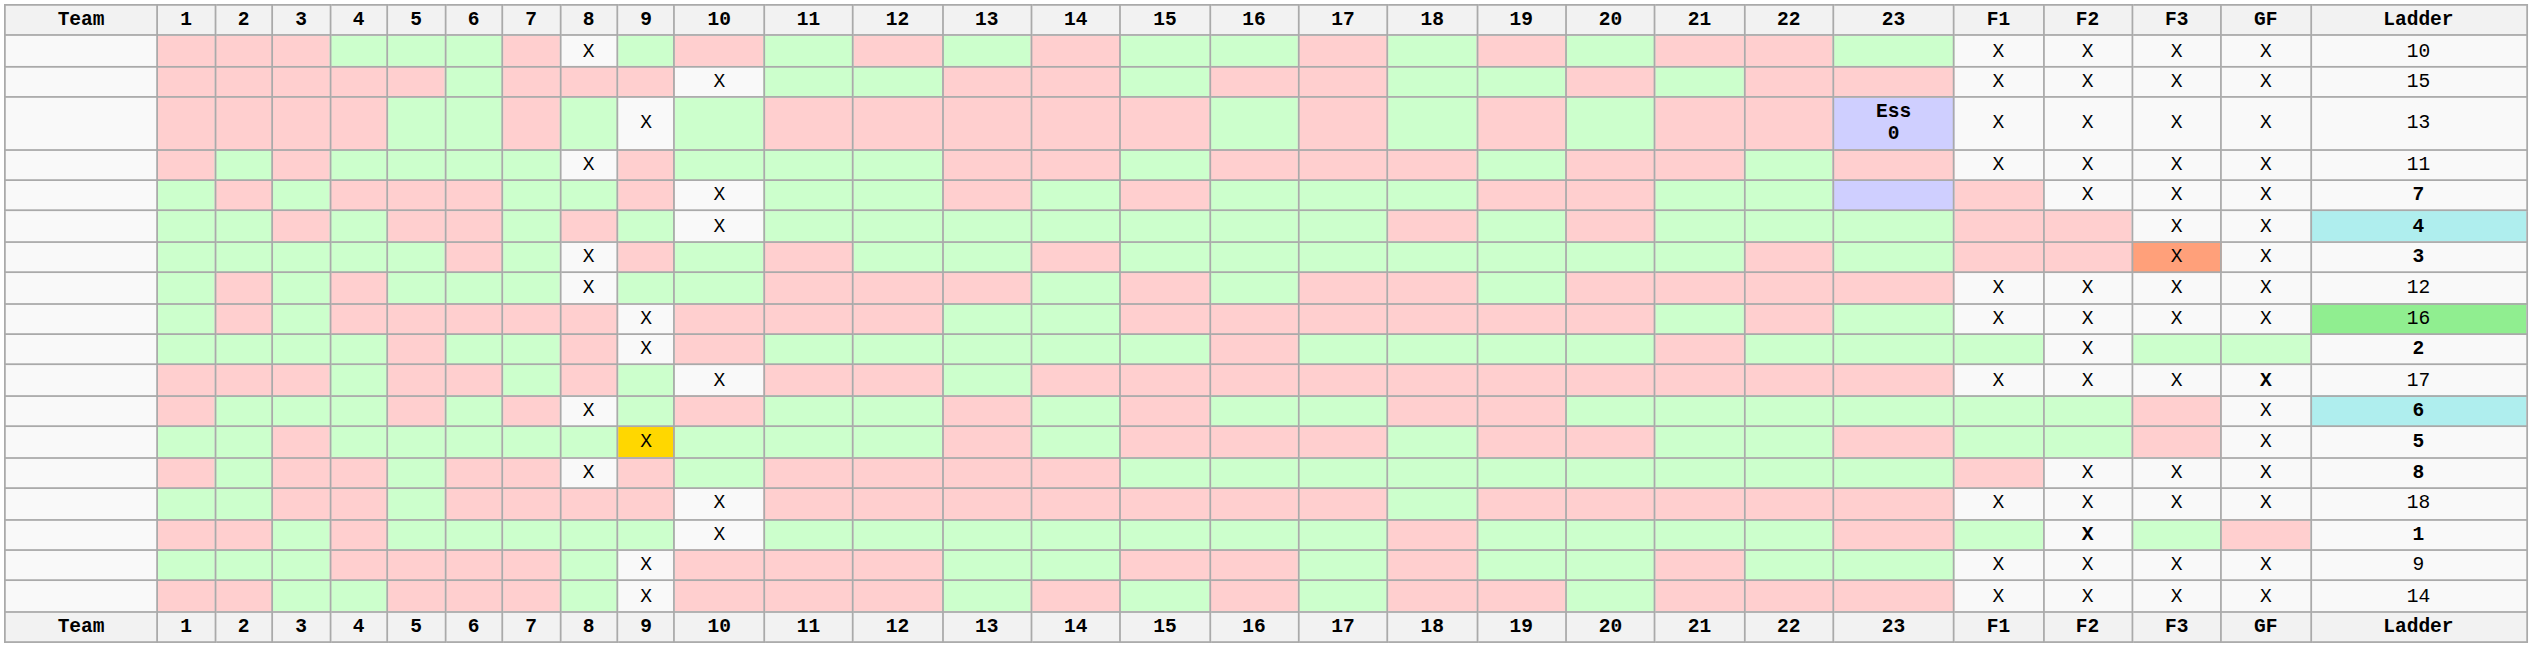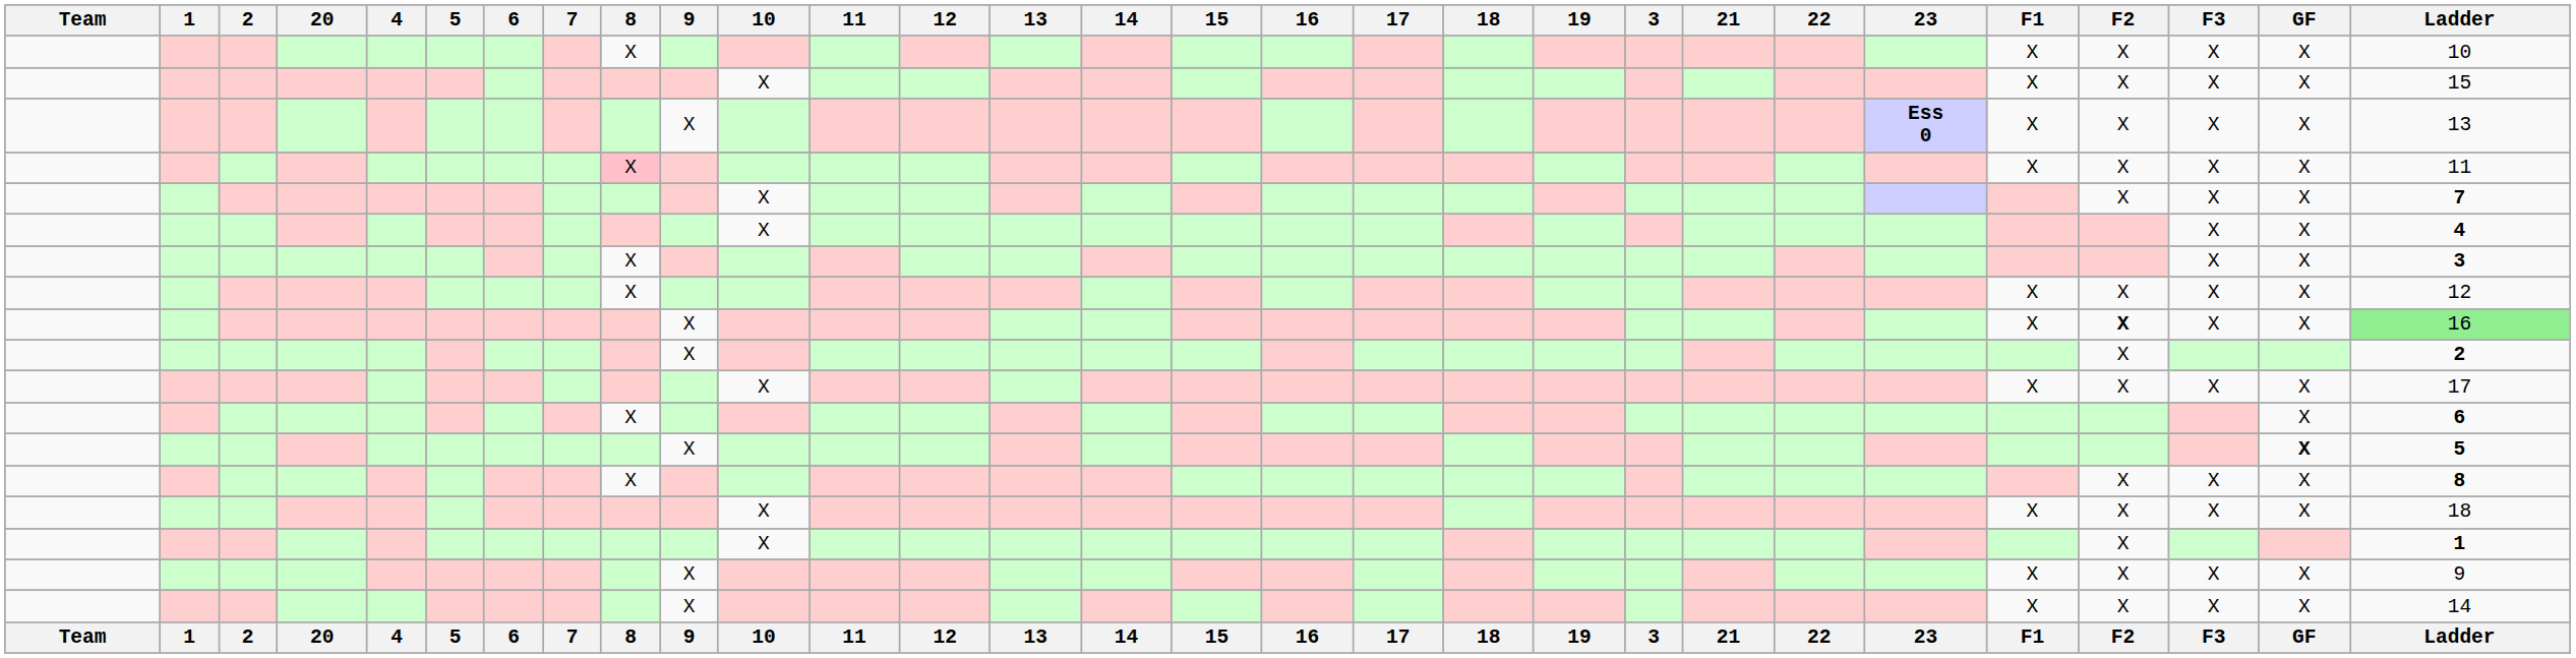 <table class="wikitable sortable" style="font-size:85%; text-align:center; width:90%">
 <tr valign="top">
 <th valign="middle">Team</th>
 <th>1</th>
 <th>2</th>
-<th>3</th>
+<th>20</th>
 <th>4</th>
 <th>5</th>
 <th>6</th>
 <th>7</th>
 <th>8</th>
 <th>9</th>
 <th>10</th>
 <th>11</th>
 <th>12</th>
 <th>13</th>
 <th>14</th>
 <th>15</th>
 <th>16</th>
 <th>17</th>
 <th>18</th>
 <th>19</th>
-<th>20</th>
+<th>3</th>
 <th>21</th>
 <th>22</th>
 <th>23</th>
 <th>F1</th>
 <th>F2</th>
 <th>F3</th>
 <th>GF</th>
 <th valign="middle">Ladder</th>
 </tr>
 <tr>
 <td align="left"></td>
 <td style="background:#FFCFCF;"></td>
 <td style="background:#FFCFCF;"></td>
-<td style="background:#FFCFCF;"></td>
+<td style="background:#cfc;"></td>
 <td style="background:#cfc;"></td>
 <td style="background:#cfc;"></td>
 <td style="background:#cfc;"></td>
 <td style="background:#FFCFCF;"></td>
 <td>X</td>
 <td style="background:#cfc;"></td>
 <td style="background:#FFCFCF;"></td>
 <td style="background:#cfc;"></td>
 <td style="background:#FFCFCF;"></td>
 <td style="background:#cfc;"></td>
 <td style="background:#FFCFCF;"></td>
 <td style="background:#cfc;"></td>
 <td style="background:#cfc;"></td>
 <td style="background:#FFCFCF;"></td>
 <td style="background:#cfc;"></td>
 <td style="background:#FFCFCF;"></td>
-<td style="background:#cfc;"></td>
+<td style="background:#FFCFCF;"></td>
 <td style="background:#FFCFCF;"></td>
 <td style="background:#FFCFCF;"></td>
 <td style="background:#cfc;"></td>
 <td>X</td>
 <td>X</td>
 <td>X</td>
 <td>X</td>
 <td style="text-align:center;">10</td>
 </tr>
 <tr>
 <td align="left"></td>
 <td style="background:#FFCFCF;"></td>
 <td style="background:#FFCFCF;"></td>
 <td style="background:#FFCFCF;"></td>
 <td style="background:#FFCFCF;"></td>
 <td style="background:#FFCFCF;"></td>
 <td style="background:#cfc;"></td>
 <td style="background:#FFCFCF;"></td>
 <td style="background:#FFCFCF;"></td>
 <td style="background:#FFCFCF;"></td>
 <td>X</td>
 <td style="background:#cfc;"></td>
 <td style="background:#cfc;"></td>
 <td style="background:#FFCFCF;"></td>
 <td style="background:#FFCFCF;"></td>
 <td style="background:#cfc;"></td>
 <td style="background:#FFCFCF;"></td>
 <td style="background:#FFCFCF;"></td>
 <td style="background:#cfc;"></td>
 <td style="background:#cfc;"></td>
 <td style="background:#FFCFCF;"></td>
 <td style="background:#cfc;"></td>
 <td style="background:#FFCFCF;"></td>
 <td style="background:#FFCFCF;"></td>
 <td>X</td>
 <td>X</td>
 <td>X</td>
 <td>X</td>
 <td style="text-align:center;">15</td>
 </tr>
 <tr>
 <td align="left"></td>
 <td style="background:#FFCFCF;"></td>
 <td style="background:#FFCFCF;"></td>
-<td style="background:#FFCFCF;"></td>
+<td style="background:#cfc;"></td>
 <td style="background:#FFCFCF;"></td>
 <td style="background:#cfc;"></td>
 <td style="background:#cfc;"></td>
 <td style="background:#FFCFCF;"></td>
 <td style="background:#cfc;"></td>
 <td>X</td>
 <td style="background:#cfc;"></td>
 <td style="background:#FFCFCF;"></td>
 <td style="background:#FFCFCF;"></td>
 <td style="background:#FFCFCF;"></td>
 <td style="background:#FFCFCF;"></td>
 <td style="background:#FFCFCF;"></td>
 <td style="background:#cfc;"></td>
 <td style="background:#FFCFCF;"></td>
 <td style="background:#cfc;"></td>
 <td style="background:#FFCFCF;"></td>
-<td style="background:#cfc;"></td>
+<td style="background:#FFCFCF;"></td>
 <td style="background:#FFCFCF;"></td>
 <td style="background:#FFCFCF;"></td>
 <td style="background:#CFCFFF;"><strong>Ess</strong><br><strong>0</strong></td>
 <td>X</td>
 <td>X</td>
 <td>X</td>
 <td>X</td>
 <td style="text-align:center;">13</td>
 </tr>
 <tr>
 <td align="left"></td>
 <td style="background:#FFCFCF;"></td>
 <td style="background:#cfc;"></td>
 <td style="background:#FFCFCF;"></td>
 <td style="background:#cfc;"></td>
 <td style="background:#cfc;"></td>
 <td style="background:#cfc;"></td>
 <td style="background:#cfc;"></td>
-<td>X</td>
+<td style="background: pink;">X</td>
 <td style="background:#FFCFCF;"></td>
 <td style="background:#cfc;"></td>
 <td style="background:#cfc;"></td>
 <td style="background:#cfc;"></td>
 <td style="background:#FFCFCF;"></td>
 <td style="background:#FFCFCF;"></td>
 <td style="background:#cfc;"></td>
 <td style="background:#FFCFCF;"></td>
 <td style="background:#FFCFCF;"></td>
 <td style="background:#FFCFCF;"></td>
 <td style="background:#cfc;"></td>
 <td style="background:#FFCFCF;"></td>
 <td style="background:#FFCFCF;"></td>
 <td style="background:#cfc;"></td>
 <td style="background:#FFCFCF;"></td>
 <td>X</td>
 <td>X</td>
 <td>X</td>
 <td>X</td>
 <td style="text-align:center;">11</td>
 </tr>
 <tr>
 <td align="left"></td>
 <td style="background:#cfc;"></td>
 <td style="background:#FFCFCF;"></td>
-<td style="background:#cfc;"></td>
+<td style="background:#FFCFCF;"></td>
 <td style="background:#FFCFCF;"></td>
 <td style="background:#FFCFCF;"></td>
 <td style="background:#FFCFCF;"></td>
 <td style="background:#cfc;"></td>
 <td style="background:#cfc;"></td>
 <td style="background:#FFCFCF;"></td>
 <td>X</td>
 <td style="background:#cfc;"></td>
 <td style="background:#cfc;"></td>
 <td style="background:#FFCFCF;"></td>
 <td style="background:#cfc;"></td>
 <td style="background:#FFCFCF;"></td>
 <td style="background:#cfc;"></td>
 <td style="background:#cfc;"></td>
 <td style="background:#cfc;"></td>
 <td style="background:#FFCFCF;"></td>
-<td style="background:#FFCFCF;"></td>
+<td style="background:#cfc;"></td>
 <td style="background:#cfc;"></td>
 <td style="background:#cfc;"></td>
 <td style="background:#CFCFFF;"></td>
 <td style="background:#FFCFCF;"></td>
 <td>X</td>
 <td>X</td>
 <td>X</td>
 <td style="text-align:center;"><strong>7</strong></td>
 </tr>
 <tr>
 <td align="left"></td>
 <td style="background:#cfc;"></td>
 <td style="background:#cfc;"></td>
 <td style="background:#FFCFCF;"></td>
 <td style="background:#cfc;"></td>
 <td style="background:#FFCFCF;"></td>
 <td style="background:#FFCFCF;"></td>
 <td style="background:#cfc;"></td>
 <td style="background:#FFCFCF;"></td>
 <td style="background:#cfc;"></td>
 <td>X</td>
 <td style="background:#cfc;"></td>
 <td style="background:#cfc;"></td>
 <td style="background:#cfc;"></td>
 <td style="background:#cfc;"></td>
 <td style="background:#cfc;"></td>
 <td style="background:#cfc;"></td>
 <td style="background:#cfc;"></td>
 <td style="background:#FFCFCF;"></td>
 <td style="background:#cfc;"></td>
 <td style="background:#FFCFCF;"></td>
 <td style="background:#cfc;"></td>
 <td style="background:#cfc;"></td>
 <td style="background:#cfc;"></td>
 <td style="background:#FFCFCF;"></td>
 <td style="background:#FFCFCF;"></td>
 <td>X</td>
 <td>X</td>
-<td style="background: paleturquoise; text-align:center;"><strong>4</strong></td>
+<td style="text-align:center;"><strong>4</strong></td>
 </tr>
 <tr>
 <td align="left"></td>
 <td style="background:#cfc;"></td>
 <td style="background:#cfc;"></td>
 <td style="background:#cfc;"></td>
 <td style="background:#cfc;"></td>
 <td style="background:#cfc;"></td>
 <td style="background:#FFCFCF;"></td>
 <td style="background:#cfc;"></td>
 <td>X</td>
 <td style="background:#FFCFCF;"></td>
 <td style="background:#cfc;"></td>
 <td style="background:#FFCFCF;"></td>
 <td style="background:#cfc;"></td>
 <td style="background:#cfc;"></td>
 <td style="background:#FFCFCF;"></td>
 <td style="background:#cfc;"></td>
 <td style="background:#cfc;"></td>
 <td style="background:#cfc;"></td>
 <td style="background:#cfc;"></td>
 <td style="background:#cfc;"></td>
 <td style="background:#cfc;"></td>
 <td style="background:#cfc;"></td>
 <td style="background:#FFCFCF;"></td>
 <td style="background:#cfc;"></td>
 <td style="background:#FFCFCF;"></td>
 <td style="background:#FFCFCF;"></td>
-<td style="background: lightsalmon;">X</td>
+<td>X</td>
 <td>X</td>
 <td style="text-align:center;"><strong>3</strong></td>
 </tr>
 <tr>
 <td align="left"></td>
 <td style="background:#cfc;"></td>
 <td style="background:#FFCFCF;"></td>
-<td style="background:#cfc;"></td>
+<td style="background:#FFCFCF;"></td>
 <td style="background:#FFCFCF;"></td>
 <td style="background:#cfc;"></td>
 <td style="background:#cfc;"></td>
 <td style="background:#cfc;"></td>
 <td>X</td>
 <td style="background:#cfc;"></td>
 <td style="background:#cfc;"></td>
 <td style="background:#FFCFCF;"></td>
 <td style="background:#FFCFCF;"></td>
 <td style="background:#FFCFCF;"></td>
 <td style="background:#cfc;"></td>
 <td style="background:#FFCFCF;"></td>
 <td style="background:#cfc;"></td>
 <td style="background:#FFCFCF;"></td>
 <td style="background:#FFCFCF;"></td>
 <td style="background:#cfc;"></td>
-<td style="background:#FFCFCF;"></td>
+<td style="background:#cfc;"></td>
 <td style="background:#FFCFCF;"></td>
 <td style="background:#FFCFCF;"></td>
 <td style="background:#FFCFCF;"></td>
 <td>X</td>
 <td>X</td>
 <td>X</td>
 <td>X</td>
 <td style="text-align:center;">12</td>
 </tr>
 <tr>
 <td align="left"></td>
 <td style="background:#cfc;"></td>
 <td style="background:#FFCFCF;"></td>
-<td style="background:#cfc;"></td>
+<td style="background:#FFCFCF;"></td>
 <td style="background:#FFCFCF;"></td>
 <td style="background:#FFCFCF;"></td>
 <td style="background:#FFCFCF;"></td>
 <td style="background:#FFCFCF;"></td>
 <td style="background:#FFCFCF;"></td>
 <td>X</td>
 <td style="background:#FFCFCF;"></td>
 <td style="background:#FFCFCF;"></td>
 <td style="background:#FFCFCF;"></td>
 <td style="background:#cfc;"></td>
 <td style="background:#cfc;"></td>
 <td style="background:#FFCFCF;"></td>
 <td style="background:#FFCFCF;"></td>
 <td style="background:#FFCFCF;"></td>
 <td style="background:#FFCFCF;"></td>
 <td style="background:#FFCFCF;"></td>
-<td style="background:#FFCFCF;"></td>
+<td style="background:#cfc;"></td>
 <td style="background:#cfc;"></td>
 <td style="background:#FFCFCF;"></td>
 <td style="background:#cfc;"></td>
 <td>X</td>
-<td>X</td>
+<td><strong>X</strong></td>
 <td>X</td>
 <td>X</td>
 <td style="background: lightgreen; text-align:center;">16</td>
 </tr>
 <tr>
 <td align="left"></td>
 <td style="background:#cfc;"></td>
 <td style="background:#cfc;"></td>
 <td style="background:#cfc;"></td>
 <td style="background:#cfc;"></td>
 <td style="background:#FFCFCF;"></td>
 <td style="background:#cfc;"></td>
 <td style="background:#cfc;"></td>
 <td style="background:#FFCFCF;"></td>
 <td>X</td>
 <td style="background:#FFCFCF;"></td>
 <td style="background:#cfc;"></td>
 <td style="background:#cfc;"></td>
 <td style="background:#cfc;"></td>
 <td style="background:#cfc;"></td>
 <td style="background:#cfc;"></td>
 <td style="background:#FFCFCF;"></td>
 <td style="background:#cfc;"></td>
 <td style="background:#cfc;"></td>
 <td style="background:#cfc;"></td>
 <td style="background:#cfc;"></td>
 <td style="background:#FFCFCF;"></td>
 <td style="background:#cfc;"></td>
 <td style="background:#cfc;"></td>
 <td style="background:#cfc;"></td>
 <td>X</td>
 <td style="background:#cfc;"></td>
 <td style="background:#cfc;"></td>
 <td style="text-align:center;"><strong>2</strong></td>
 </tr>
 <tr>
 <td align="left"></td>
 <td style="background:#FFCFCF;"></td>
 <td style="background:#FFCFCF;"></td>
 <td style="background:#FFCFCF;"></td>
 <td style="background:#cfc;"></td>
 <td style="background:#FFCFCF;"></td>
 <td style="background:#FFCFCF;"></td>
 <td style="background:#cfc;"></td>
 <td style="background:#FFCFCF;"></td>
 <td style="background:#cfc;"></td>
 <td>X</td>
 <td style="background:#FFCFCF;"></td>
 <td style="background:#FFCFCF;"></td>
 <td style="background:#cfc;"></td>
 <td style="background:#FFCFCF;"></td>
 <td style="background:#FFCFCF;"></td>
 <td style="background:#FFCFCF;"></td>
 <td style="background:#FFCFCF;"></td>
 <td style="background:#FFCFCF;"></td>
 <td style="background:#FFCFCF;"></td>
 <td style="background:#FFCFCF;"></td>
 <td style="background:#FFCFCF;"></td>
 <td style="background:#FFCFCF;"></td>
 <td style="background:#FFCFCF;"></td>
 <td>X</td>
 <td>X</td>
 <td>X</td>
-<td><strong>X</strong></td>
+<td>X</td>
 <td style="text-align:center;">17</td>
 </tr>
 <tr>
 <td align="left"></td>
 <td style="background:#FFCFCF;"></td>
 <td style="background:#cfc;"></td>
 <td style="background:#cfc;"></td>
 <td style="background:#cfc;"></td>
 <td style="background:#FFCFCF;"></td>
 <td style="background:#cfc;"></td>
 <td style="background:#FFCFCF;"></td>
 <td>X</td>
 <td style="background:#cfc;"></td>
 <td style="background:#FFCFCF;"></td>
 <td style="background:#cfc;"></td>
 <td style="background:#cfc;"></td>
 <td style="background:#FFCFCF;"></td>
 <td style="background:#cfc;"></td>
 <td style="background:#FFCFCF;"></td>
 <td style="background:#cfc;"></td>
 <td style="background:#cfc;"></td>
 <td style="background:#FFCFCF;"></td>
 <td style="background:#FFCFCF;"></td>
 <td style="background:#cfc;"></td>
 <td style="background:#cfc;"></td>
 <td style="background:#cfc;"></td>
 <td style="background:#cfc;"></td>
 <td style="background:#cfc;"></td>
 <td style="background:#cfc;"></td>
 <td style="background:#FFCFCF;"></td>
 <td>X</td>
-<td style="background: paleturquoise; text-align:center;"><strong>6</strong></td>
+<td style="text-align:center;"><strong>6</strong></td>
 </tr>
 <tr>
 <td align="left"></td>
 <td style="background:#cfc;"></td>
 <td style="background:#cfc;"></td>
 <td style="background:#FFCFCF;"></td>
 <td style="background:#cfc;"></td>
 <td style="background:#cfc;"></td>
 <td style="background:#cfc;"></td>
 <td style="background:#cfc;"></td>
 <td style="background:#cfc;"></td>
-<td style="background: gold;">X</td>
+<td>X</td>
 <td style="background:#cfc;"></td>
 <td style="background:#cfc;"></td>
 <td style="background:#cfc;"></td>
 <td style="background:#FFCFCF;"></td>
 <td style="background:#cfc;"></td>
 <td style="background:#FFCFCF;"></td>
 <td style="background:#FFCFCF;"></td>
 <td style="background:#FFCFCF;"></td>
 <td style="background:#cfc;"></td>
 <td style="background:#FFCFCF;"></td>
 <td style="background:#FFCFCF;"></td>
 <td style="background:#cfc;"></td>
 <td style="background:#cfc;"></td>
 <td style="background:#FFCFCF;"></td>
 <td style="background:#cfc;"></td>
 <td style="background:#cfc;"></td>
 <td style="background:#FFCFCF;"></td>
-<td>X</td>
+<td><strong>X</strong></td>
 <td style="text-align:center;"><strong>5</strong></td>
 </tr>
 <tr>
 <td align="left"></td>
 <td style="background:#FFCFCF;"></td>
 <td style="background:#cfc;"></td>
-<td style="background:#FFCFCF;"></td>
+<td style="background:#cfc;"></td>
 <td style="background:#FFCFCF;"></td>
 <td style="background:#cfc;"></td>
 <td style="background:#FFCFCF;"></td>
 <td style="background:#FFCFCF;"></td>
 <td>X</td>
 <td style="background:#FFCFCF;"></td>
 <td style="background:#cfc;"></td>
 <td style="background:#FFCFCF;"></td>
 <td style="background:#FFCFCF;"></td>
 <td style="background:#FFCFCF;"></td>
 <td style="background:#FFCFCF;"></td>
 <td style="background:#cfc;"></td>
 <td style="background:#cfc;"></td>
 <td style="background:#cfc;"></td>
 <td style="background:#cfc;"></td>
 <td style="background:#cfc;"></td>
-<td style="background:#cfc;"></td>
+<td style="background:#FFCFCF;"></td>
 <td style="background:#cfc;"></td>
 <td style="background:#cfc;"></td>
 <td style="background:#cfc;"></td>
 <td style="background:#FFCFCF;"></td>
 <td>X</td>
 <td>X</td>
 <td>X</td>
 <td style="text-align:center;"><strong>8</strong></td>
 </tr>
 <tr>
 <td align="left"></td>
 <td style="background:#cfc;"></td>
 <td style="background:#cfc;"></td>
 <td style="background:#FFCFCF;"></td>
 <td style="background:#FFCFCF;"></td>
 <td style="background:#cfc;"></td>
 <td style="background:#FFCFCF;"></td>
 <td style="background:#FFCFCF;"></td>
 <td style="background:#FFCFCF;"></td>
 <td style="background:#FFCFCF;"></td>
 <td>X</td>
 <td style="background:#FFCFCF;"></td>
 <td style="background:#FFCFCF;"></td>
 <td style="background:#FFCFCF;"></td>
 <td style="background:#FFCFCF;"></td>
 <td style="background:#FFCFCF;"></td>
 <td style="background:#FFCFCF;"></td>
 <td style="background:#FFCFCF;"></td>
 <td style="background:#cfc;"></td>
 <td style="background:#FFCFCF;"></td>
 <td style="background:#FFCFCF;"></td>
 <td style="background:#FFCFCF;"></td>
 <td style="background:#FFCFCF;"></td>
 <td style="background:#FFCFCF;"></td>
 <td>X</td>
 <td>X</td>
 <td>X</td>
 <td>X</td>
 <td style="text-align:center;">18</td>
 </tr>
 <tr>
 <td align="left"></td>
 <td style="background:#FFCFCF;"></td>
 <td style="background:#FFCFCF;"></td>
 <td style="background:#cfc;"></td>
 <td style="background:#FFCFCF;"></td>
 <td style="background:#cfc;"></td>
 <td style="background:#cfc;"></td>
 <td style="background:#cfc;"></td>
 <td style="background:#cfc;"></td>
 <td style="background:#cfc;"></td>
 <td>X</td>
 <td style="background:#cfc;"></td>
 <td style="background:#cfc;"></td>
 <td style="background:#cfc;"></td>
 <td style="background:#cfc;"></td>
 <td style="background:#cfc;"></td>
 <td style="background:#cfc;"></td>
 <td style="background:#cfc;"></td>
 <td style="background:#FFCFCF;"></td>
 <td style="background:#cfc;"></td>
 <td style="background:#cfc;"></td>
 <td style="background:#cfc;"></td>
 <td style="background:#cfc;"></td>
 <td style="background:#FFCFCF;"></td>
 <td style="background:#cfc;"></td>
-<td><strong>X</strong></td>
+<td>X</td>
 <td style="background:#cfc;"></td>
 <td style="background:#FFCFCF;"></td>
 <td style="text-align:center;"><strong>1</strong></td>
 </tr>
 <tr>
 <td align="left"></td>
 <td style="background:#cfc;"></td>
 <td style="background:#cfc;"></td>
 <td style="background:#cfc;"></td>
 <td style="background:#FFCFCF;"></td>
 <td style="background:#FFCFCF;"></td>
 <td style="background:#FFCFCF;"></td>
 <td style="background:#FFCFCF;"></td>
 <td style="background:#cfc;"></td>
 <td>X</td>
 <td style="background:#FFCFCF;"></td>
 <td style="background:#FFCFCF;"></td>
 <td style="background:#FFCFCF;"></td>
 <td style="background:#cfc;"></td>
 <td style="background:#cfc;"></td>
 <td style="background:#FFCFCF;"></td>
 <td style="background:#FFCFCF;"></td>
 <td style="background:#cfc;"></td>
 <td style="background:#FFCFCF;"></td>
 <td style="background:#cfc;"></td>
 <td style="background:#cfc;"></td>
 <td style="background:#FFCFCF;"></td>
 <td style="background:#cfc;"></td>
 <td style="background:#cfc;"></td>
 <td>X</td>
 <td>X</td>
 <td>X</td>
 <td>X</td>
 <td style="text-align:center;">9</td>
 </tr>
 <tr>
 <td align="left"></td>
 <td style="background:#FFCFCF;"></td>
 <td style="background:#FFCFCF;"></td>
 <td style="background:#cfc;"></td>
 <td style="background:#cfc;"></td>
 <td style="background:#FFCFCF;"></td>
 <td style="background:#FFCFCF;"></td>
 <td style="background:#FFCFCF;"></td>
 <td style="background:#cfc;"></td>
 <td>X</td>
 <td style="background:#FFCFCF;"></td>
 <td style="background:#FFCFCF;"></td>
 <td style="background:#FFCFCF;"></td>
 <td style="background:#cfc;"></td>
 <td style="background:#FFCFCF;"></td>
 <td style="background:#cfc;"></td>
 <td style="background:#FFCFCF;"></td>
 <td style="background:#cfc;"></td>
 <td style="background:#FFCFCF;"></td>
 <td style="background:#FFCFCF;"></td>
 <td style="background:#cfc;"></td>
 <td style="background:#FFCFCF;"></td>
 <td style="background:#FFCFCF;"></td>
 <td style="background:#FFCFCF;"></td>
 <td>X</td>
 <td>X</td>
 <td>X</td>
 <td>X</td>
 <td style="text-align:center;">14</td>
 </tr>
 <tr valign="top">
 <th valign="middle">Team</th>
 <th>1</th>
 <th>2</th>
-<th>3</th>
+<th>20</th>
 <th>4</th>
 <th>5</th>
 <th>6</th>
 <th>7</th>
 <th>8</th>
 <th>9</th>
 <th>10</th>
 <th>11</th>
 <th>12</th>
 <th>13</th>
 <th>14</th>
 <th>15</th>
 <th>16</th>
 <th>17</th>
 <th>18</th>
 <th>19</th>
-<th>20</th>
+<th>3</th>
 <th>21</th>
 <th>22</th>
 <th>23</th>
 <th>F1</th>
 <th>F2</th>
 <th>F3</th>
 <th>GF</th>
 <th valign="middle">Ladder</th>
 </tr>
 </table>
